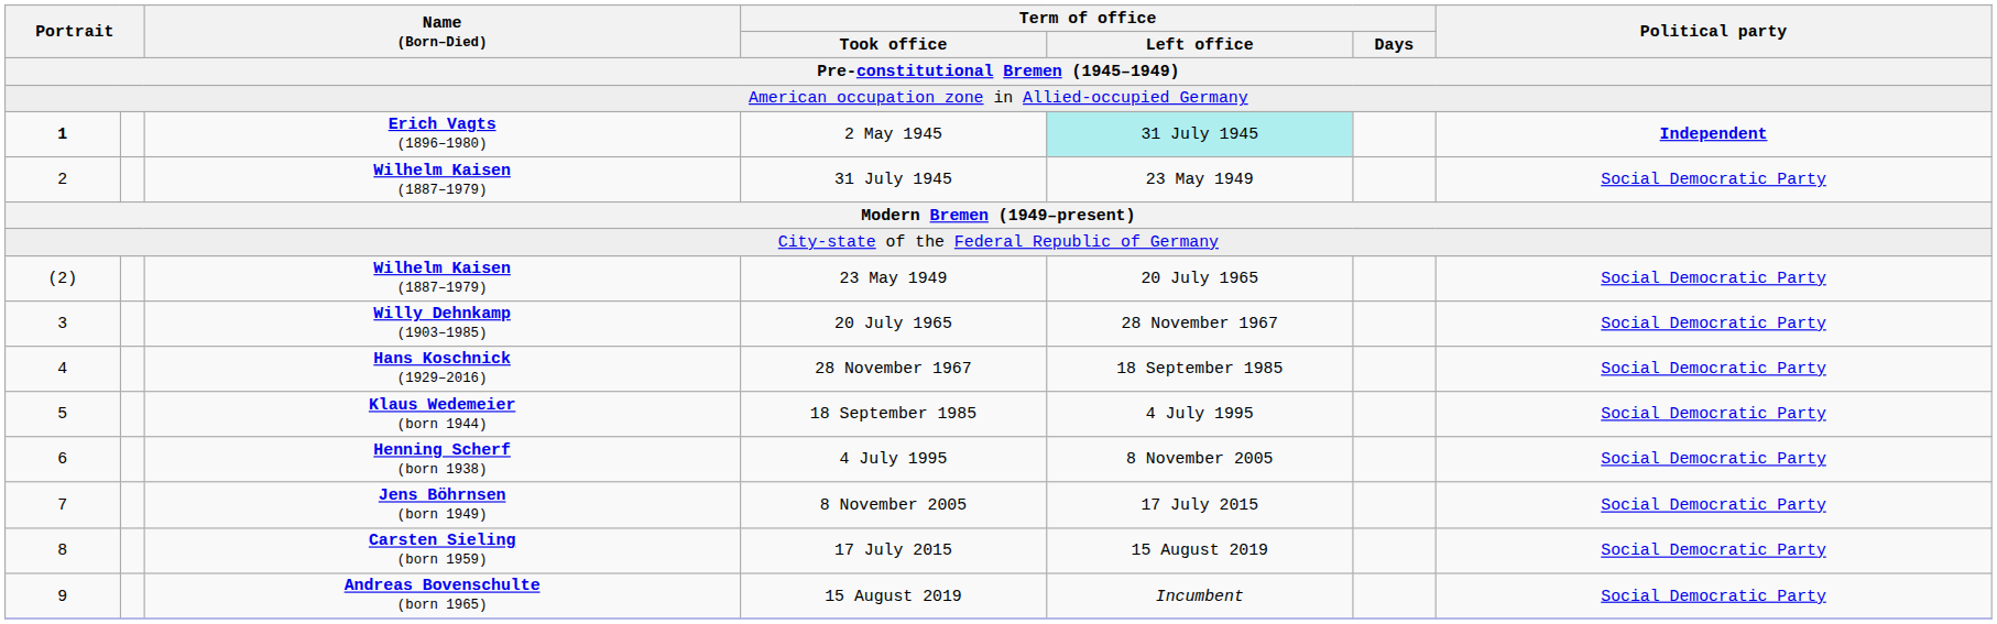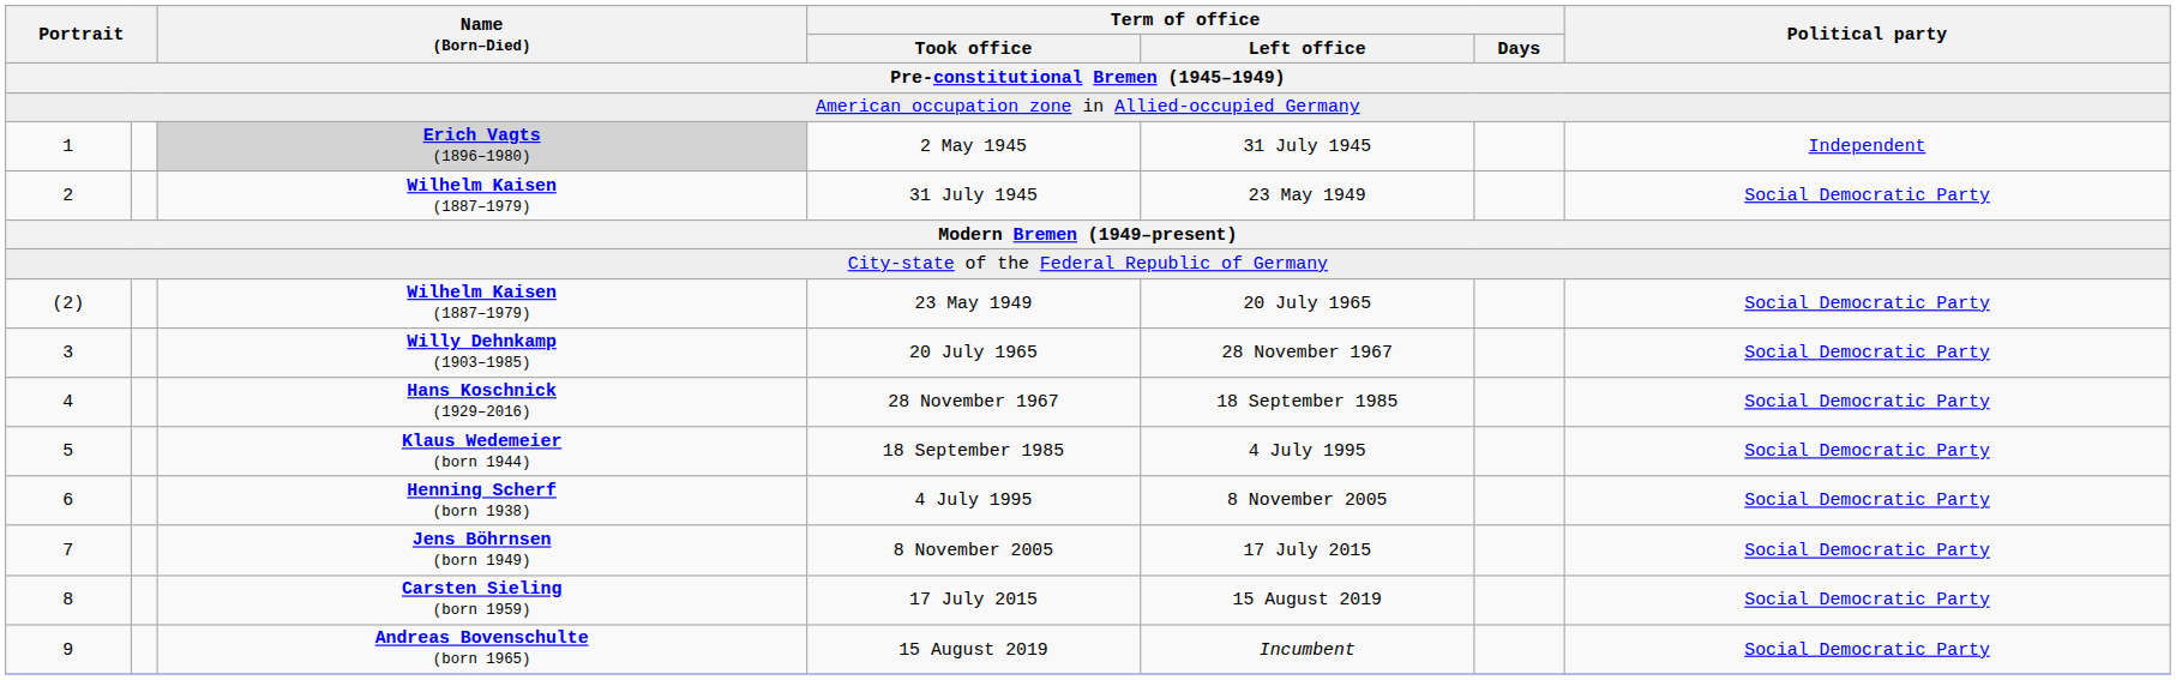 <table class="wikitable" style="text-align:center; width:100%; border:1px #AAAAFF solid">
 <tr>
 <th width=80px rowspan=2 colspan=2>Portrait</th>
 <th width=30% rowspan=2>Name<br><small>(Born–Died)</small></th>
 <th width=35% colspan=3>Term of office</th>
 <th width=28% rowspan=2>Political party</th>
 </tr>
 <tr>
 <th>Took office</th>
 <th>Left office</th>
 <th>Days</th>
 </tr>
 <tr>
 <th colspan="7">Pre-<a href='#'>constitutional</a> <a href='#'>Bremen</a> (1945–1949)</th>
 </tr>
 <tr>
 <td bgcolor=#EEEEEE colspan=8><a href='#'>American occupation zone</a> in <a href='#'>Allied-occupied Germany</a></td>
 </tr>
 <tr>
-<td style="background:"><strong>1</strong></td>
+<td style="background:">1</td>
 <td></td>
-<td><strong><a href='#'>Erich Vagts</a></strong><br><small>(1896–1980)</small></td>
+<td style="background: lightgrey;"><strong><a href='#'>Erich Vagts</a></strong><br><small>(1896–1980)</small></td>
 <td>2 May 1945</td>
-<td style="background: paleturquoise;">31 July 1945</td>
+<td>31 July 1945</td>
 <td></td>
-<td><strong><a href='#'>Independent</a></strong></td>
+<td><a href='#'>Independent</a></td>
 </tr>
 <tr>
 <td style="background:">2</td>
 <td></td>
 <td><strong><a href='#'>Wilhelm Kaisen</a></strong><br><small>(1887–1979)</small></td>
 <td>31 July 1945</td>
 <td>23 May 1949</td>
 <td></td>
 <td><a href='#'>Social Democratic Party</a></td>
 </tr>
 <tr>
 <th colspan="7">Modern <a href='#'>Bremen</a> (1949–present)</th>
 </tr>
 <tr>
 <td bgcolor=#EEEEEE colspan=8><a href='#'>City-state</a> of the <a href='#'>Federal Republic of Germany</a></td>
 </tr>
 <tr>
 <td style="background:">(2)</td>
 <td></td>
 <td><strong><a href='#'>Wilhelm Kaisen</a></strong><br><small>(1887–1979)</small></td>
 <td>23 May 1949</td>
 <td>20 July 1965</td>
 <td></td>
 <td><a href='#'>Social Democratic Party</a></td>
 </tr>
 <tr>
 <td style="background:">3</td>
 <td></td>
 <td><strong><a href='#'>Willy Dehnkamp</a></strong><br><small>(1903–1985)</small></td>
 <td>20 July 1965</td>
 <td>28 November 1967</td>
 <td></td>
 <td><a href='#'>Social Democratic Party</a></td>
 </tr>
 <tr>
 <td style="background:">4</td>
 <td></td>
 <td><strong><a href='#'>Hans Koschnick</a></strong><br><small>(1929–2016)</small></td>
 <td>28 November 1967</td>
 <td>18 September 1985</td>
 <td></td>
 <td><a href='#'>Social Democratic Party</a></td>
 </tr>
 <tr>
 <td style="background:">5</td>
 <td></td>
 <td><strong><a href='#'>Klaus Wedemeier</a></strong><br><small>(born 1944)</small></td>
 <td>18 September 1985</td>
 <td>4 July 1995</td>
 <td></td>
 <td><a href='#'>Social Democratic Party</a></td>
 </tr>
 <tr>
 <td style="background:">6</td>
 <td></td>
 <td><strong><a href='#'>Henning Scherf</a></strong><br><small>(born 1938)</small></td>
 <td>4 July 1995</td>
 <td>8 November 2005<br></td>
 <td></td>
 <td><a href='#'>Social Democratic Party</a></td>
 </tr>
 <tr>
 <td style="background:">7</td>
 <td></td>
 <td><strong><a href='#'>Jens Böhrnsen</a></strong><br><small>(born 1949)</small></td>
 <td>8 November 2005</td>
 <td>17 July 2015</td>
 <td></td>
 <td><a href='#'>Social Democratic Party</a></td>
 </tr>
 <tr>
 <td style="background:">8</td>
 <td></td>
 <td><strong><a href='#'>Carsten Sieling</a></strong><br><small>(born 1959)</small></td>
 <td>17 July 2015</td>
 <td>15 August 2019</td>
 <td></td>
 <td><a href='#'>Social Democratic Party</a></td>
 </tr>
 <tr>
 <td style="background:">9</td>
 <td></td>
 <td><strong><a href='#'>Andreas Bovenschulte</a></strong><br><small>(born 1965)</small></td>
 <td>15 August 2019</td>
 <td><em>Incumbent</em></td>
 <td></td>
 <td><a href='#'>Social Democratic Party</a></td>
 </tr>
 <tr>
 </tr>
 </table>
